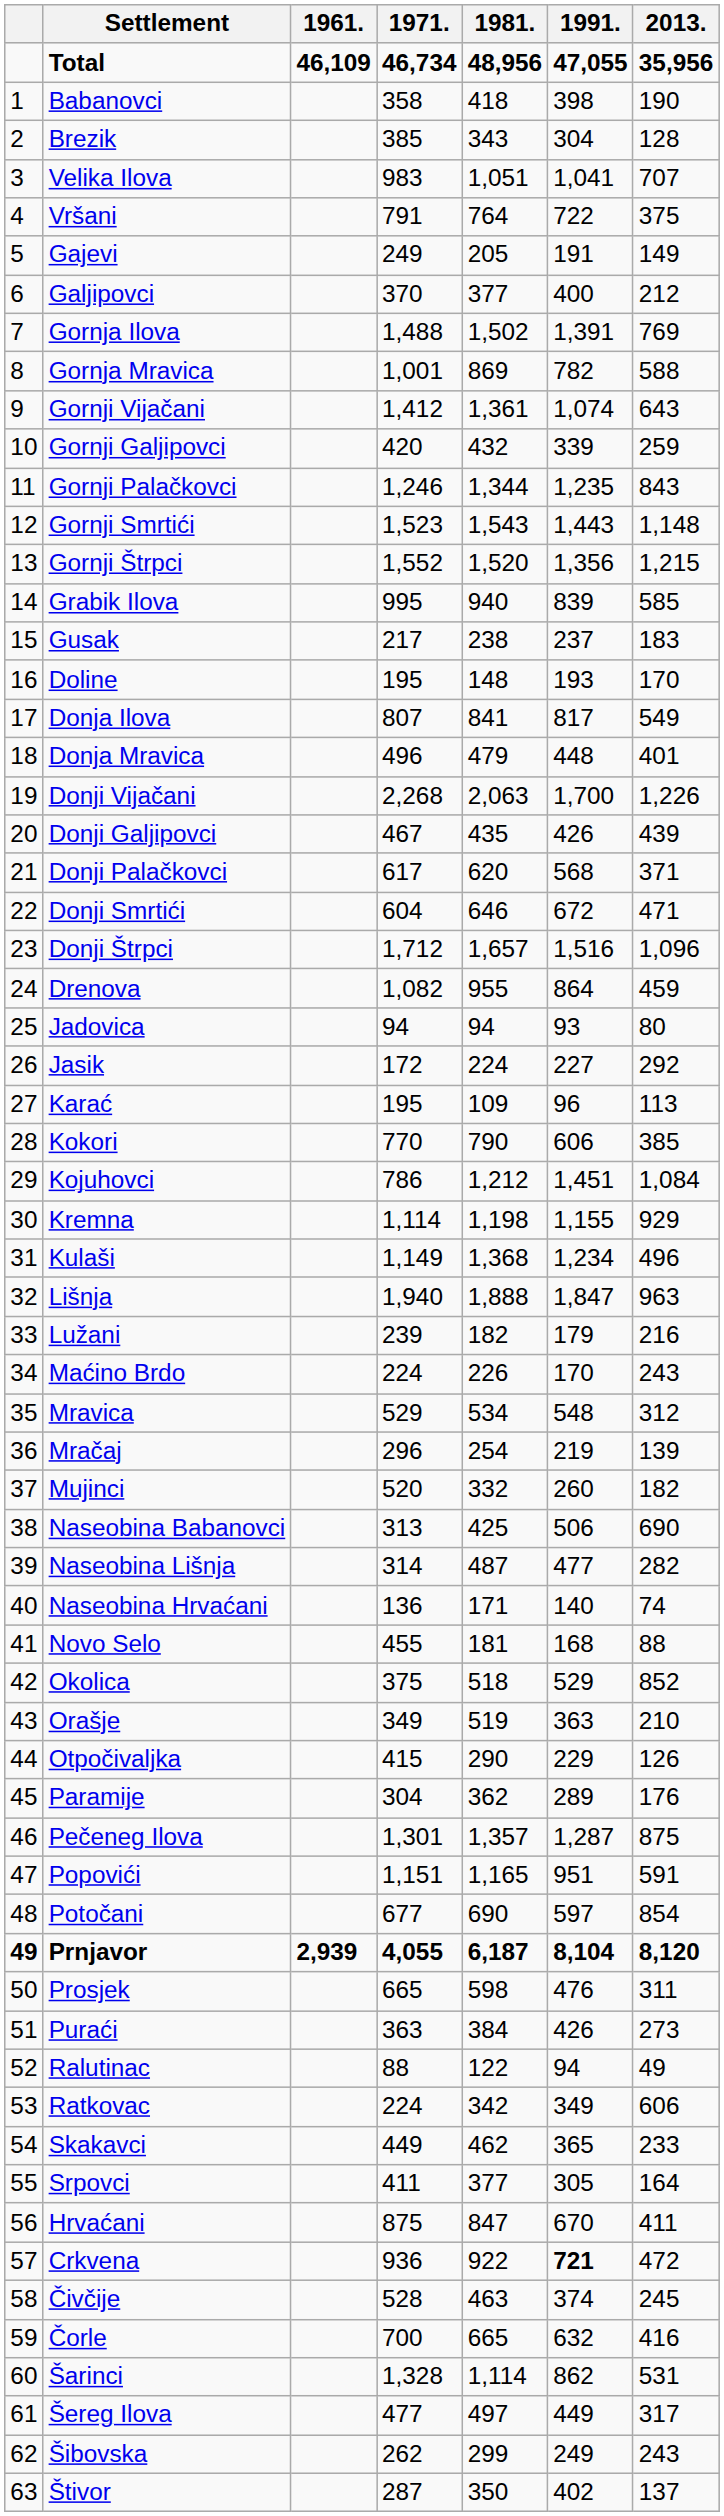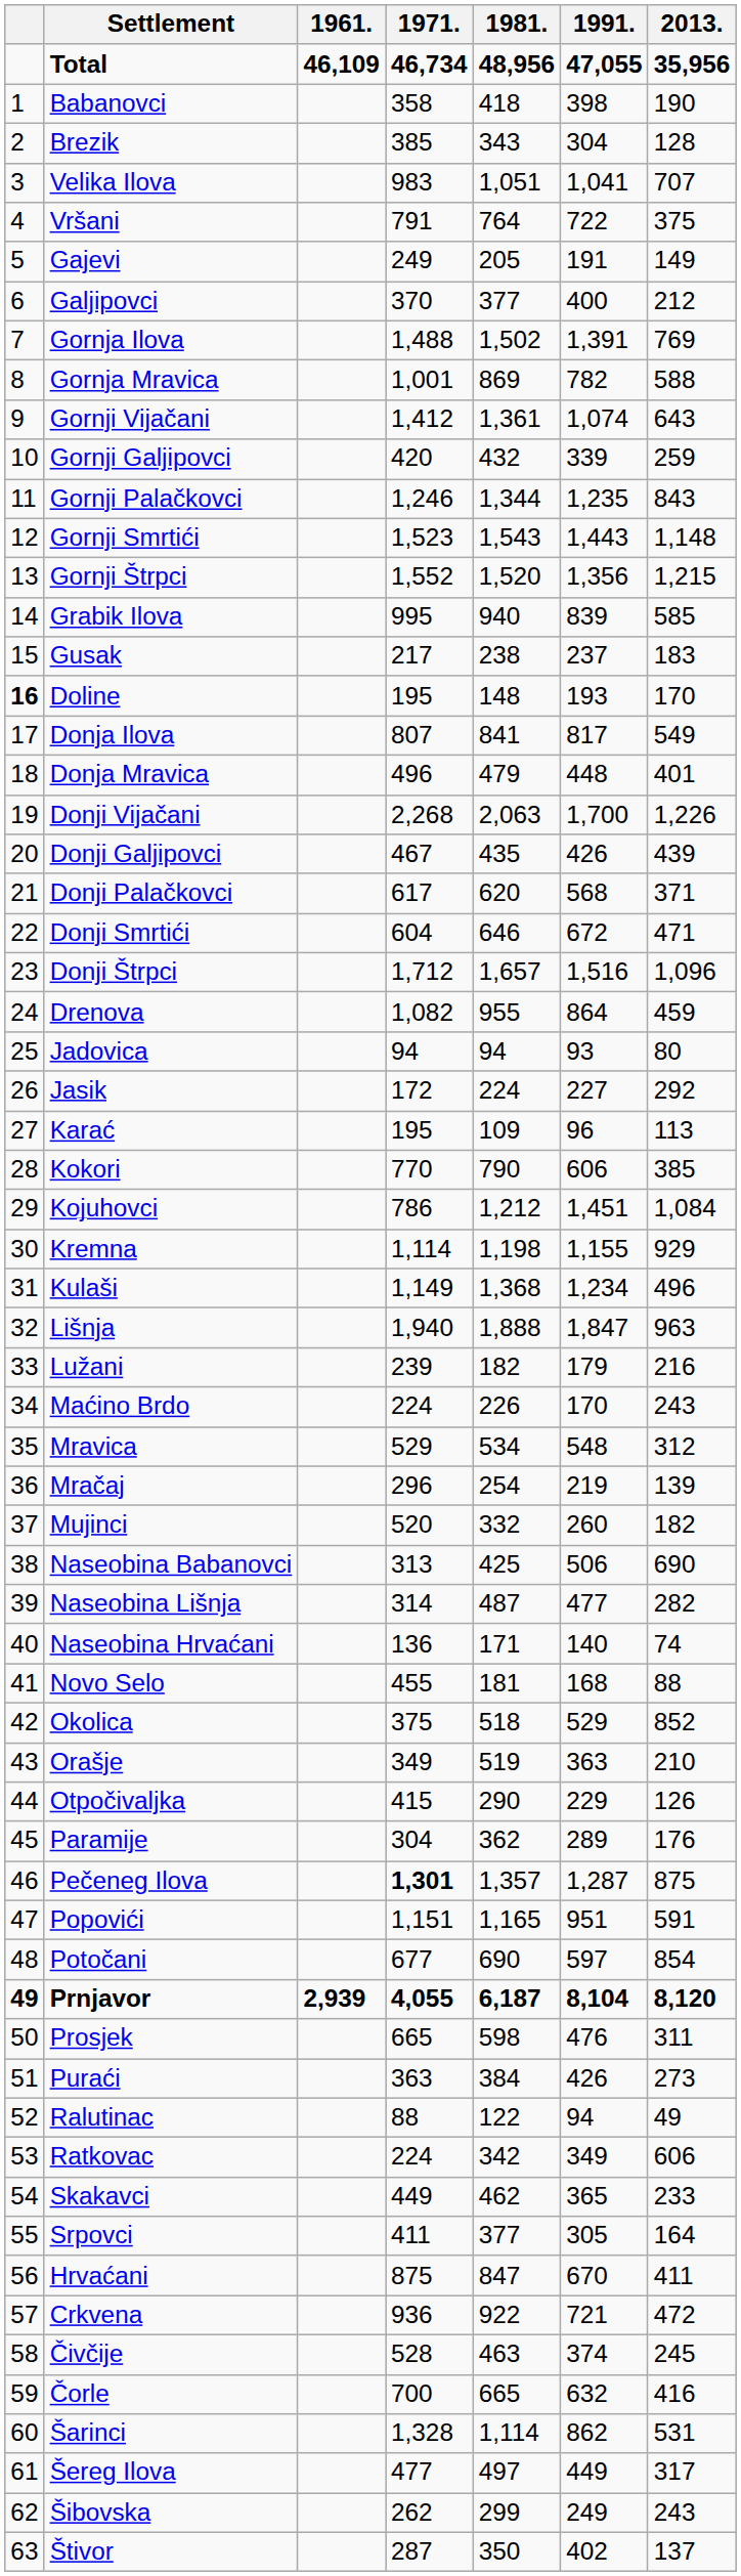 <table class="wikitable sortable">
 <tr>
 <th></th>
 <th>Settlement</th>
 <th>1961.</th>
 <th>1971.</th>
 <th>1981.</th>
 <th>1991.</th>
 <th>2013.</th>
 </tr>
 <tr>
 <td></td>
 <td><strong>Total</strong></td>
 <td><strong>46,109</strong></td>
 <td><strong>46,734</strong></td>
 <td><strong>48,956</strong></td>
 <td><strong>47,055</strong></td>
 <td><strong>35,956</strong></td>
 </tr>
 <tr>
 <td>1</td>
 <td><a href='#'>Babanovci</a></td>
 <td></td>
 <td>358</td>
 <td>418</td>
 <td>398</td>
 <td>190</td>
 </tr>
 <tr>
 <td>2</td>
 <td><a href='#'>Brezik</a></td>
 <td></td>
 <td>385</td>
 <td>343</td>
 <td>304</td>
 <td>128</td>
 </tr>
 <tr>
 <td>3</td>
 <td><a href='#'>Velika Ilova</a></td>
 <td></td>
 <td>983</td>
 <td>1,051</td>
 <td>1,041</td>
 <td>707</td>
 </tr>
 <tr>
 <td>4</td>
 <td><a href='#'>Vršani</a></td>
 <td></td>
 <td>791</td>
 <td>764</td>
 <td>722</td>
 <td>375</td>
 </tr>
 <tr>
 <td>5</td>
 <td><a href='#'>Gajevi</a></td>
 <td></td>
 <td>249</td>
 <td>205</td>
 <td>191</td>
 <td>149</td>
 </tr>
 <tr>
 <td>6</td>
 <td><a href='#'>Galjipovci</a></td>
 <td></td>
 <td>370</td>
 <td>377</td>
 <td>400</td>
 <td>212</td>
 </tr>
 <tr>
 <td>7</td>
 <td><a href='#'>Gornja Ilova</a></td>
 <td></td>
 <td>1,488</td>
 <td>1,502</td>
 <td>1,391</td>
 <td>769</td>
 </tr>
 <tr>
 <td>8</td>
 <td><a href='#'>Gornja Mravica</a></td>
 <td></td>
 <td>1,001</td>
 <td>869</td>
 <td>782</td>
 <td>588</td>
 </tr>
 <tr>
 <td>9</td>
 <td><a href='#'>Gornji Vijačani</a></td>
 <td></td>
 <td>1,412</td>
 <td>1,361</td>
 <td>1,074</td>
 <td>643</td>
 </tr>
 <tr>
 <td>10</td>
 <td><a href='#'>Gornji Galjipovci</a></td>
 <td></td>
 <td>420</td>
 <td>432</td>
 <td>339</td>
 <td>259</td>
 </tr>
 <tr>
 <td>11</td>
 <td><a href='#'>Gornji Palačkovci</a></td>
 <td></td>
 <td>1,246</td>
 <td>1,344</td>
 <td>1,235</td>
 <td>843</td>
 </tr>
 <tr>
 <td>12</td>
 <td><a href='#'>Gornji Smrtići</a></td>
 <td></td>
 <td>1,523</td>
 <td>1,543</td>
 <td>1,443</td>
 <td>1,148</td>
 </tr>
 <tr>
 <td>13</td>
 <td><a href='#'>Gornji Štrpci</a></td>
 <td></td>
 <td>1,552</td>
 <td>1,520</td>
 <td>1,356</td>
 <td>1,215</td>
 </tr>
 <tr>
 <td>14</td>
 <td><a href='#'>Grabik Ilova</a></td>
 <td></td>
 <td>995</td>
 <td>940</td>
 <td>839</td>
 <td>585</td>
 </tr>
 <tr>
 <td>15</td>
 <td><a href='#'>Gusak</a></td>
 <td></td>
 <td>217</td>
 <td>238</td>
 <td>237</td>
 <td>183</td>
 </tr>
 <tr>
-<td>16</td>
+<td><strong>16</strong></td>
 <td><a href='#'>Doline</a></td>
 <td></td>
 <td>195</td>
 <td>148</td>
 <td>193</td>
 <td>170</td>
 </tr>
 <tr>
 <td>17</td>
 <td><a href='#'>Donja Ilova</a></td>
 <td></td>
 <td>807</td>
 <td>841</td>
 <td>817</td>
 <td>549</td>
 </tr>
 <tr>
 <td>18</td>
 <td><a href='#'>Donja Mravica</a></td>
 <td></td>
 <td>496</td>
 <td>479</td>
 <td>448</td>
 <td>401</td>
 </tr>
 <tr>
 <td>19</td>
 <td><a href='#'>Donji Vijačani</a></td>
 <td></td>
 <td>2,268</td>
 <td>2,063</td>
 <td>1,700</td>
 <td>1,226</td>
 </tr>
 <tr>
 <td>20</td>
 <td><a href='#'>Donji Galjipovci</a></td>
 <td></td>
 <td>467</td>
 <td>435</td>
 <td>426</td>
 <td>439</td>
 </tr>
 <tr>
 <td>21</td>
 <td><a href='#'>Donji Palačkovci</a></td>
 <td></td>
 <td>617</td>
 <td>620</td>
 <td>568</td>
 <td>371</td>
 </tr>
 <tr>
 <td>22</td>
 <td><a href='#'>Donji Smrtići</a></td>
 <td></td>
 <td>604</td>
 <td>646</td>
 <td>672</td>
 <td>471</td>
 </tr>
 <tr>
 <td>23</td>
 <td><a href='#'>Donji Štrpci</a></td>
 <td></td>
 <td>1,712</td>
 <td>1,657</td>
 <td>1,516</td>
 <td>1,096</td>
 </tr>
 <tr>
 <td>24</td>
 <td><a href='#'>Drenova</a></td>
 <td></td>
 <td>1,082</td>
 <td>955</td>
 <td>864</td>
 <td>459</td>
 </tr>
 <tr>
 <td>25</td>
 <td><a href='#'>Jadovica</a></td>
 <td></td>
 <td>94</td>
 <td>94</td>
 <td>93</td>
 <td>80</td>
 </tr>
 <tr>
 <td>26</td>
 <td><a href='#'>Jasik</a></td>
 <td></td>
 <td>172</td>
 <td>224</td>
 <td>227</td>
 <td>292</td>
 </tr>
 <tr>
 <td>27</td>
 <td><a href='#'>Karać</a></td>
 <td></td>
 <td>195</td>
 <td>109</td>
 <td>96</td>
 <td>113</td>
 </tr>
 <tr>
 <td>28</td>
 <td><a href='#'>Kokori</a></td>
 <td></td>
 <td>770</td>
 <td>790</td>
 <td>606</td>
 <td>385</td>
 </tr>
 <tr>
 <td>29</td>
 <td><a href='#'>Kojuhovci</a></td>
 <td></td>
 <td>786</td>
 <td>1,212</td>
 <td>1,451</td>
 <td>1,084</td>
 </tr>
 <tr>
 <td>30</td>
 <td><a href='#'>Kremna</a></td>
 <td></td>
 <td>1,114</td>
 <td>1,198</td>
 <td>1,155</td>
 <td>929</td>
 </tr>
 <tr>
 <td>31</td>
 <td><a href='#'>Kulaši</a></td>
 <td></td>
 <td>1,149</td>
 <td>1,368</td>
 <td>1,234</td>
 <td>496</td>
 </tr>
 <tr>
 <td>32</td>
 <td><a href='#'>Lišnja</a></td>
 <td></td>
 <td>1,940</td>
 <td>1,888</td>
 <td>1,847</td>
 <td>963</td>
 </tr>
 <tr>
 <td>33</td>
 <td><a href='#'>Lužani</a></td>
 <td></td>
 <td>239</td>
 <td>182</td>
 <td>179</td>
 <td>216</td>
 </tr>
 <tr>
 <td>34</td>
 <td><a href='#'>Maćino Brdo</a></td>
 <td></td>
 <td>224</td>
 <td>226</td>
 <td>170</td>
 <td>243</td>
 </tr>
 <tr>
 <td>35</td>
 <td><a href='#'>Mravica</a></td>
 <td></td>
 <td>529</td>
 <td>534</td>
 <td>548</td>
 <td>312</td>
 </tr>
 <tr>
 <td>36</td>
 <td><a href='#'>Mračaj</a></td>
 <td></td>
 <td>296</td>
 <td>254</td>
 <td>219</td>
 <td>139</td>
 </tr>
 <tr>
 <td>37</td>
 <td><a href='#'>Mujinci</a></td>
 <td></td>
 <td>520</td>
 <td>332</td>
 <td>260</td>
 <td>182</td>
 </tr>
 <tr>
 <td>38</td>
 <td><a href='#'>Naseobina Babanovci</a></td>
 <td></td>
 <td>313</td>
 <td>425</td>
 <td>506</td>
 <td>690</td>
 </tr>
 <tr>
 <td>39</td>
 <td><a href='#'>Naseobina Lišnja</a></td>
 <td></td>
 <td>314</td>
 <td>487</td>
 <td>477</td>
 <td>282</td>
 </tr>
 <tr>
 <td>40</td>
 <td><a href='#'>Naseobina Hrvaćani</a></td>
 <td></td>
 <td>136</td>
 <td>171</td>
 <td>140</td>
 <td>74</td>
 </tr>
 <tr>
 <td>41</td>
 <td><a href='#'>Novo Selo</a></td>
 <td></td>
 <td>455</td>
 <td>181</td>
 <td>168</td>
 <td>88</td>
 </tr>
 <tr>
 <td>42</td>
 <td><a href='#'>Okolica</a></td>
 <td></td>
 <td>375</td>
 <td>518</td>
 <td>529</td>
 <td>852</td>
 </tr>
 <tr>
 <td>43</td>
 <td><a href='#'>Orašje</a></td>
 <td></td>
 <td>349</td>
 <td>519</td>
 <td>363</td>
 <td>210</td>
 </tr>
 <tr>
 <td>44</td>
 <td><a href='#'>Otpočivaljka</a></td>
 <td></td>
 <td>415</td>
 <td>290</td>
 <td>229</td>
 <td>126</td>
 </tr>
 <tr>
 <td>45</td>
 <td><a href='#'>Paramije</a></td>
 <td></td>
 <td>304</td>
 <td>362</td>
 <td>289</td>
 <td>176</td>
 </tr>
 <tr>
 <td>46</td>
 <td><a href='#'>Pečeneg Ilova</a></td>
 <td></td>
-<td>1,301</td>
+<td><strong>1,301</strong></td>
 <td>1,357</td>
 <td>1,287</td>
 <td>875</td>
 </tr>
 <tr>
 <td>47</td>
 <td><a href='#'>Popovići</a></td>
 <td></td>
 <td>1,151</td>
 <td>1,165</td>
 <td>951</td>
 <td>591</td>
 </tr>
 <tr>
 <td>48</td>
 <td><a href='#'>Potočani</a></td>
 <td></td>
 <td>677</td>
 <td>690</td>
 <td>597</td>
 <td>854</td>
 </tr>
 <tr>
 <td><strong>49</strong></td>
 <td><strong>Prnjavor</strong></td>
 <td><strong>2,939</strong></td>
 <td><strong>4,055</strong></td>
 <td><strong>6,187</strong></td>
 <td><strong>8,104</strong></td>
 <td><strong>8,120</strong></td>
 </tr>
 <tr>
 <td>50</td>
 <td><a href='#'>Prosjek</a></td>
 <td></td>
 <td>665</td>
 <td>598</td>
 <td>476</td>
 <td>311</td>
 </tr>
 <tr>
 <td>51</td>
 <td><a href='#'>Puraći</a></td>
 <td></td>
 <td>363</td>
 <td>384</td>
 <td>426</td>
 <td>273</td>
 </tr>
 <tr>
 <td>52</td>
 <td><a href='#'>Ralutinac</a></td>
 <td></td>
 <td>88</td>
 <td>122</td>
 <td>94</td>
 <td>49</td>
 </tr>
 <tr>
 <td>53</td>
 <td><a href='#'>Ratkovac</a></td>
 <td></td>
 <td>224</td>
 <td>342</td>
 <td>349</td>
 <td>606</td>
 </tr>
 <tr>
 <td>54</td>
 <td><a href='#'>Skakavci</a></td>
 <td></td>
 <td>449</td>
 <td>462</td>
 <td>365</td>
 <td>233</td>
 </tr>
 <tr>
 <td>55</td>
 <td><a href='#'>Srpovci</a></td>
 <td></td>
 <td>411</td>
 <td>377</td>
 <td>305</td>
 <td>164</td>
 </tr>
 <tr>
 <td>56</td>
 <td><a href='#'>Hrvaćani</a></td>
 <td></td>
 <td>875</td>
 <td>847</td>
 <td>670</td>
 <td>411</td>
 </tr>
 <tr>
 <td>57</td>
 <td><a href='#'>Crkvena</a></td>
 <td></td>
 <td>936</td>
 <td>922</td>
-<td><strong>721</strong></td>
+<td>721</td>
 <td>472</td>
 </tr>
 <tr>
 <td>58</td>
 <td><a href='#'>Čivčije</a></td>
 <td></td>
 <td>528</td>
 <td>463</td>
 <td>374</td>
 <td>245</td>
 </tr>
 <tr>
 <td>59</td>
 <td><a href='#'>Čorle</a></td>
 <td></td>
 <td>700</td>
 <td>665</td>
 <td>632</td>
 <td>416</td>
 </tr>
 <tr>
 <td>60</td>
 <td><a href='#'>Šarinci</a></td>
 <td></td>
 <td>1,328</td>
 <td>1,114</td>
 <td>862</td>
 <td>531</td>
 </tr>
 <tr>
 <td>61</td>
 <td><a href='#'>Šereg Ilova</a></td>
 <td></td>
 <td>477</td>
 <td>497</td>
 <td>449</td>
 <td>317</td>
 </tr>
 <tr>
 <td>62</td>
 <td><a href='#'>Šibovska</a></td>
 <td></td>
 <td>262</td>
 <td>299</td>
 <td>249</td>
 <td>243</td>
 </tr>
 <tr>
 <td>63</td>
 <td><a href='#'>Štivor</a></td>
 <td></td>
 <td>287</td>
 <td>350</td>
 <td>402</td>
 <td>137</td>
 </tr>
 </table>
